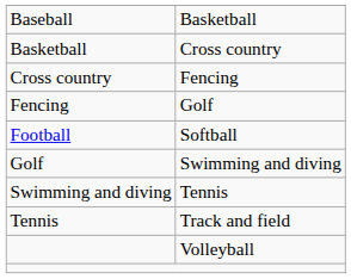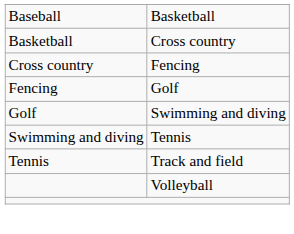 <table class="wikitable" style="float:right; clear:center; margin:0 0 1em 1em;">
 <tr>
 </tr>
 <tr>
 <td>Baseball</td>
 <td>Basketball</td>
 </tr>
 <tr>
 <td>Basketball</td>
 <td>Cross country</td>
 </tr>
 <tr>
 <td>Cross country</td>
 <td>Fencing</td>
 </tr>
 <tr>
 <td>Fencing</td>
 <td>Golf</td>
-</tr>
-<tr>
-<td><a href='#'>Football</a></td>
-<td>Softball</td>
 </tr>
 <tr>
 <td>Golf</td>
 <td>Swimming and diving</td>
 </tr>
 <tr>
 <td>Swimming and diving</td>
 <td>Tennis</td>
 </tr>
 <tr>
 <td>Tennis</td>
 <td>Track and field</td>
 </tr>
 <tr>
 <td></td>
 <td>Volleyball</td>
 </tr>
 <tr>
 <td colspan="2"></td>
 </tr>
 </table>
